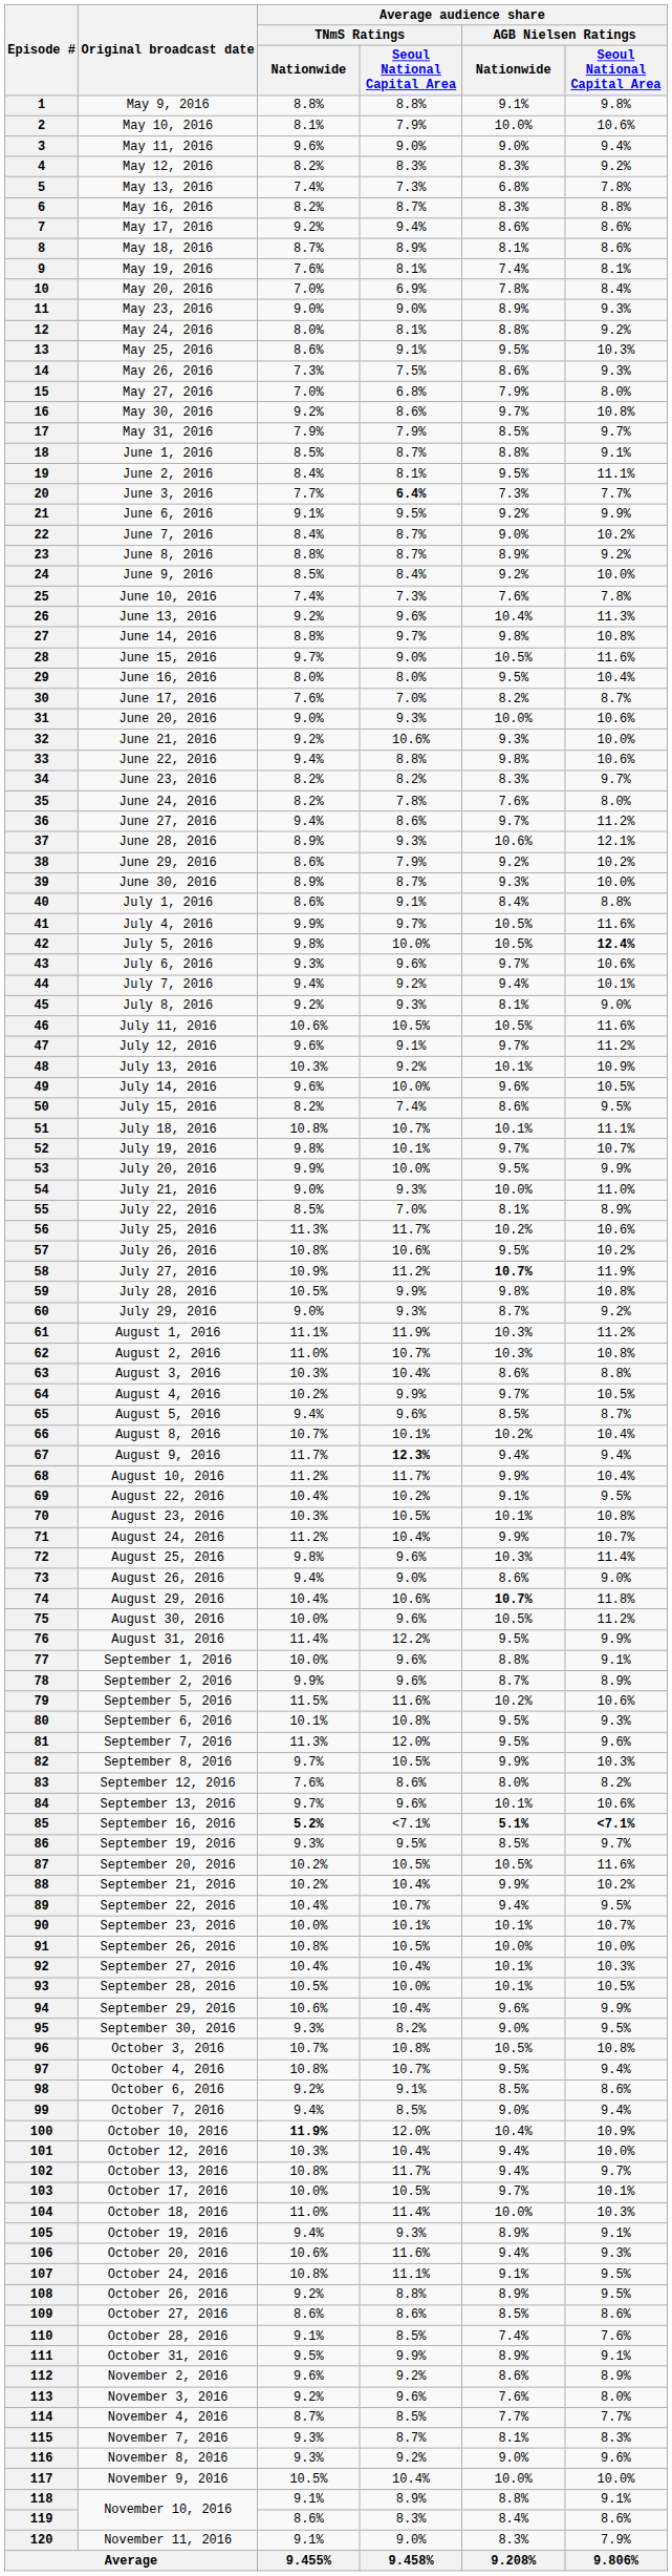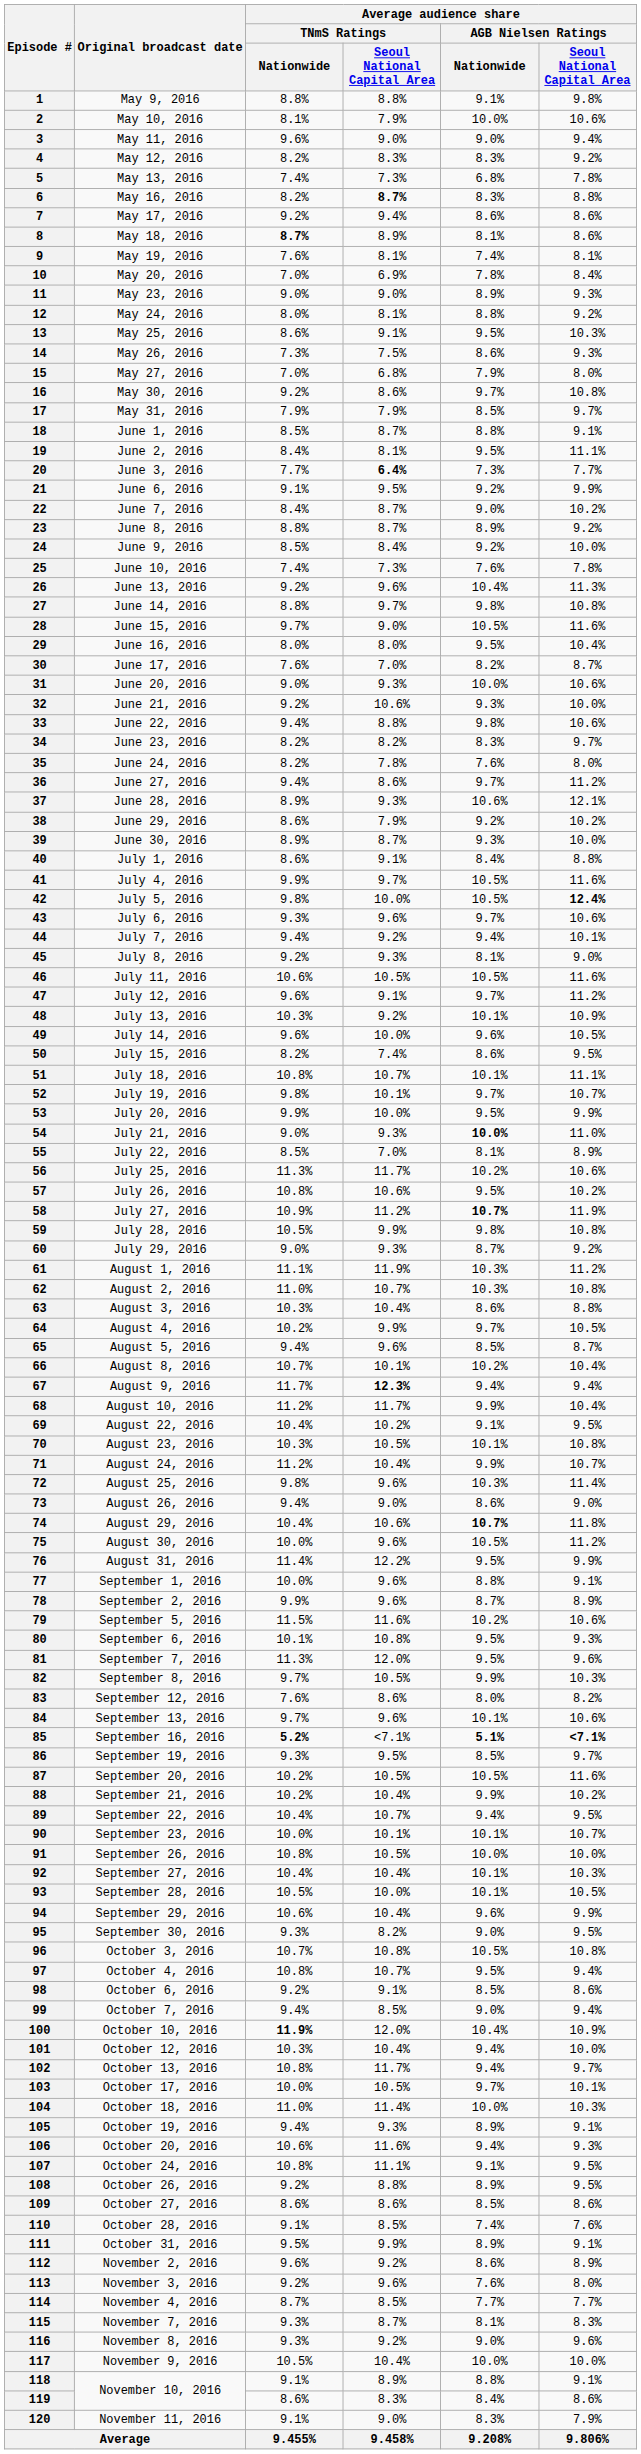 <table class=wikitable style="text-align:center;">
 <tr>
 <th rowspan="3">Episode #</th>
 <th rowspan="3">Original broadcast date</th>
 <th colspan="4">Average audience share</th>
 </tr>
 <tr>
 <th colspan="2">TNmS Ratings</th>
 <th colspan="2">AGB Nielsen Ratings</th>
 </tr>
 <tr>
 <th width=100>Nationwide</th>
 <th width=100><a href='#'>Seoul National Capital Area</a></th>
 <th width=100>Nationwide</th>
 <th width=100><a href='#'>Seoul National Capital Area</a></th>
 </tr>
 <tr>
 <th>1</th>
 <td>May 9, 2016</td>
 <td>8.8%</td>
 <td>8.8%</td>
 <td>9.1%</td>
 <td>9.8%</td>
 </tr>
 <tr>
 <th>2</th>
 <td>May 10, 2016</td>
 <td>8.1%</td>
 <td>7.9%</td>
 <td>10.0%</td>
 <td>10.6%</td>
 </tr>
 <tr>
 <th>3</th>
 <td>May 11, 2016</td>
 <td>9.6%</td>
 <td>9.0%</td>
 <td>9.0%</td>
 <td>9.4%</td>
 </tr>
 <tr>
 <th>4</th>
 <td>May 12, 2016</td>
 <td>8.2%</td>
 <td>8.3%</td>
 <td>8.3%</td>
 <td>9.2%</td>
 </tr>
 <tr>
 <th>5</th>
 <td>May 13, 2016</td>
 <td>7.4%</td>
 <td>7.3%</td>
 <td>6.8%</td>
 <td>7.8%</td>
 </tr>
 <tr>
 <th>6</th>
 <td>May 16, 2016</td>
 <td>8.2%</td>
-<td>8.7%</td>
+<td><strong>8.7%</strong></td>
 <td>8.3%</td>
 <td>8.8%</td>
 </tr>
 <tr>
 <th>7</th>
 <td>May 17, 2016</td>
 <td>9.2%</td>
 <td>9.4%</td>
 <td>8.6%</td>
 <td>8.6%</td>
 </tr>
 <tr>
 <th>8</th>
 <td>May 18, 2016</td>
-<td>8.7%</td>
+<td><strong>8.7%</strong></td>
 <td>8.9%</td>
 <td>8.1%</td>
 <td>8.6%</td>
 </tr>
 <tr>
 <th>9</th>
 <td>May 19, 2016</td>
 <td>7.6%</td>
 <td>8.1%</td>
 <td>7.4%</td>
 <td>8.1%</td>
 </tr>
 <tr>
 <th>10</th>
 <td>May 20, 2016</td>
 <td>7.0%</td>
 <td>6.9%</td>
 <td>7.8%</td>
 <td>8.4%</td>
 </tr>
 <tr>
 <th>11</th>
 <td>May 23, 2016</td>
 <td>9.0%</td>
 <td>9.0%</td>
 <td>8.9%</td>
 <td>9.3%</td>
 </tr>
 <tr>
 <th>12</th>
 <td>May 24, 2016</td>
 <td>8.0%</td>
 <td>8.1%</td>
 <td>8.8%</td>
 <td>9.2%</td>
 </tr>
 <tr>
 <th>13</th>
 <td>May 25, 2016</td>
 <td>8.6%</td>
 <td>9.1%</td>
 <td>9.5%</td>
 <td>10.3%</td>
 </tr>
 <tr>
 <th>14</th>
 <td>May 26, 2016</td>
 <td>7.3%</td>
 <td>7.5%</td>
 <td>8.6%</td>
 <td>9.3%</td>
 </tr>
 <tr>
 <th>15</th>
 <td>May 27, 2016</td>
 <td>7.0%</td>
 <td>6.8%</td>
 <td>7.9%</td>
 <td>8.0%</td>
 </tr>
 <tr>
 <th>16</th>
 <td>May 30, 2016</td>
 <td>9.2%</td>
 <td>8.6%</td>
 <td>9.7%</td>
 <td>10.8%</td>
 </tr>
 <tr>
 <th>17</th>
 <td>May 31, 2016</td>
 <td>7.9%</td>
 <td>7.9%</td>
 <td>8.5%</td>
 <td>9.7%</td>
 </tr>
 <tr>
 <th>18</th>
 <td>June 1, 2016</td>
 <td>8.5%</td>
 <td>8.7%</td>
 <td>8.8%</td>
 <td>9.1%</td>
 </tr>
 <tr>
 <th>19</th>
 <td>June 2, 2016</td>
 <td>8.4%</td>
 <td>8.1%</td>
 <td>9.5%</td>
 <td>11.1%</td>
 </tr>
 <tr>
 <th>20</th>
 <td>June 3, 2016</td>
 <td>7.7%</td>
 <td><span><strong>6.4%</strong></span></td>
 <td>7.3%</td>
 <td>7.7%</td>
 </tr>
 <tr>
 <th>21</th>
 <td>June 6, 2016</td>
 <td>9.1%</td>
 <td>9.5%</td>
 <td>9.2%</td>
 <td>9.9%</td>
 </tr>
 <tr>
 <th>22</th>
 <td>June 7, 2016</td>
 <td>8.4%</td>
 <td>8.7%</td>
 <td>9.0%</td>
 <td>10.2%</td>
 </tr>
 <tr>
 <th>23</th>
 <td>June 8, 2016</td>
 <td>8.8%</td>
 <td>8.7%</td>
 <td>8.9%</td>
 <td>9.2%</td>
 </tr>
 <tr>
 <th>24</th>
 <td>June 9, 2016</td>
 <td>8.5%</td>
 <td>8.4%</td>
 <td>9.2%</td>
 <td>10.0%</td>
 </tr>
 <tr>
 <th>25</th>
 <td>June 10, 2016</td>
 <td>7.4%</td>
 <td>7.3%</td>
 <td>7.6%</td>
 <td>7.8%</td>
 </tr>
 <tr>
 <th>26</th>
 <td>June 13, 2016</td>
 <td>9.2%</td>
 <td>9.6%</td>
 <td>10.4%</td>
 <td>11.3%</td>
 </tr>
 <tr>
 <th>27</th>
 <td>June 14, 2016</td>
 <td>8.8%</td>
 <td>9.7%</td>
 <td>9.8%</td>
 <td>10.8%</td>
 </tr>
 <tr>
 <th>28</th>
 <td>June 15, 2016</td>
 <td>9.7%</td>
 <td>9.0%</td>
 <td>10.5%</td>
 <td>11.6%</td>
 </tr>
 <tr>
 <th>29</th>
 <td>June 16, 2016</td>
 <td>8.0%</td>
 <td>8.0%</td>
 <td>9.5%</td>
 <td>10.4%</td>
 </tr>
 <tr>
 <th>30</th>
 <td>June 17, 2016</td>
 <td>7.6%</td>
 <td>7.0%</td>
 <td>8.2%</td>
 <td>8.7%</td>
 </tr>
 <tr>
 <th>31</th>
 <td>June 20, 2016</td>
 <td>9.0%</td>
 <td>9.3%</td>
 <td>10.0%</td>
 <td>10.6%</td>
 </tr>
 <tr>
 <th>32</th>
 <td>June 21, 2016</td>
 <td>9.2%</td>
 <td>10.6%</td>
 <td>9.3%</td>
 <td>10.0%</td>
 </tr>
 <tr>
 <th>33</th>
 <td>June 22, 2016</td>
 <td>9.4%</td>
 <td>8.8%</td>
 <td>9.8%</td>
 <td>10.6%</td>
 </tr>
 <tr>
 <th>34</th>
 <td>June 23, 2016</td>
 <td>8.2%</td>
 <td>8.2%</td>
 <td>8.3%</td>
 <td>9.7%</td>
 </tr>
 <tr>
 <th>35</th>
 <td>June 24, 2016</td>
 <td>8.2%</td>
 <td>7.8%</td>
 <td>7.6%</td>
 <td>8.0%</td>
 </tr>
 <tr>
 <th>36</th>
 <td>June 27, 2016</td>
 <td>9.4%</td>
 <td>8.6%</td>
 <td>9.7%</td>
 <td>11.2%</td>
 </tr>
 <tr>
 <th>37</th>
 <td>June 28, 2016</td>
 <td>8.9%</td>
 <td>9.3%</td>
 <td>10.6%</td>
 <td>12.1%</td>
 </tr>
 <tr>
 <th>38</th>
 <td>June 29, 2016</td>
 <td>8.6%</td>
 <td>7.9%</td>
 <td>9.2%</td>
 <td>10.2%</td>
 </tr>
 <tr>
 <th>39</th>
 <td>June 30, 2016</td>
 <td>8.9%</td>
 <td>8.7%</td>
 <td>9.3%</td>
 <td>10.0%</td>
 </tr>
 <tr>
 <th>40</th>
 <td>July 1, 2016</td>
 <td>8.6%</td>
 <td>9.1%</td>
 <td>8.4%</td>
 <td>8.8%</td>
 </tr>
 <tr>
 <th>41</th>
 <td>July 4, 2016</td>
 <td>9.9%</td>
 <td>9.7%</td>
 <td>10.5%</td>
 <td>11.6%</td>
 </tr>
 <tr>
 <th>42</th>
 <td>July 5, 2016</td>
 <td>9.8%</td>
 <td>10.0%</td>
 <td>10.5%</td>
 <td><span><strong>12.4%</strong></span></td>
 </tr>
 <tr>
 <th>43</th>
 <td>July 6, 2016</td>
 <td>9.3%</td>
 <td>9.6%</td>
 <td>9.7%</td>
 <td>10.6%</td>
 </tr>
 <tr>
 <th>44</th>
 <td>July 7, 2016</td>
 <td>9.4%</td>
 <td>9.2%</td>
 <td>9.4%</td>
 <td>10.1%</td>
 </tr>
 <tr>
 <th>45</th>
 <td>July 8, 2016</td>
 <td>9.2%</td>
 <td>9.3%</td>
 <td>8.1%</td>
 <td>9.0%</td>
 </tr>
 <tr>
 <th>46</th>
 <td>July 11, 2016</td>
 <td>10.6%</td>
 <td>10.5%</td>
 <td>10.5%</td>
 <td>11.6%</td>
 </tr>
 <tr>
 <th>47</th>
 <td>July 12, 2016</td>
 <td>9.6%</td>
 <td>9.1%</td>
 <td>9.7%</td>
 <td>11.2%</td>
 </tr>
 <tr>
 <th>48</th>
 <td>July 13, 2016</td>
 <td>10.3%</td>
 <td>9.2%</td>
 <td>10.1%</td>
 <td>10.9%</td>
 </tr>
 <tr>
 <th>49</th>
 <td>July 14, 2016</td>
 <td>9.6%</td>
 <td>10.0%</td>
 <td>9.6%</td>
 <td>10.5%</td>
 </tr>
 <tr>
 <th>50</th>
 <td>July 15, 2016</td>
 <td>8.2%</td>
 <td>7.4%</td>
 <td>8.6%</td>
 <td>9.5%</td>
 </tr>
 <tr>
 <th>51</th>
 <td>July 18, 2016</td>
 <td>10.8%</td>
 <td>10.7%</td>
 <td>10.1%</td>
 <td>11.1%</td>
 </tr>
 <tr>
 <th>52</th>
 <td>July 19, 2016</td>
 <td>9.8%</td>
 <td>10.1%</td>
 <td>9.7%</td>
 <td>10.7%</td>
 </tr>
 <tr>
 <th>53</th>
 <td>July 20, 2016</td>
 <td>9.9%</td>
 <td>10.0%</td>
 <td>9.5%</td>
 <td>9.9%</td>
 </tr>
 <tr>
 <th>54</th>
 <td>July 21, 2016</td>
 <td>9.0%</td>
 <td>9.3%</td>
-<td>10.0%</td>
+<td><strong>10.0%</strong></td>
 <td>11.0%</td>
 </tr>
 <tr>
 <th>55</th>
 <td>July 22, 2016</td>
 <td>8.5%</td>
 <td>7.0%</td>
 <td>8.1%</td>
 <td>8.9%</td>
 </tr>
 <tr>
 <th>56</th>
 <td>July 25, 2016</td>
 <td>11.3%</td>
 <td>11.7%</td>
 <td>10.2%</td>
 <td>10.6%</td>
 </tr>
 <tr>
 <th>57</th>
 <td>July 26, 2016</td>
 <td>10.8%</td>
 <td>10.6%</td>
 <td>9.5%</td>
 <td>10.2%</td>
 </tr>
 <tr>
 <th>58</th>
 <td>July 27, 2016</td>
 <td>10.9%</td>
 <td>11.2%</td>
 <td><span><strong>10.7%</strong></span></td>
 <td>11.9%</td>
 </tr>
 <tr>
 <th>59</th>
 <td>July 28, 2016</td>
 <td>10.5%</td>
 <td>9.9%</td>
 <td>9.8%</td>
 <td>10.8%</td>
 </tr>
 <tr>
 <th>60</th>
 <td>July 29, 2016</td>
 <td>9.0%</td>
 <td>9.3%</td>
 <td>8.7%</td>
 <td>9.2%</td>
 </tr>
 <tr>
 <th>61</th>
 <td>August 1, 2016</td>
 <td>11.1%</td>
 <td>11.9%</td>
 <td>10.3%</td>
 <td>11.2%</td>
 </tr>
 <tr>
 <th>62</th>
 <td>August 2, 2016</td>
 <td>11.0%</td>
 <td>10.7%</td>
 <td>10.3%</td>
 <td>10.8%</td>
 </tr>
 <tr>
 <th>63</th>
 <td>August 3, 2016</td>
 <td>10.3%</td>
 <td>10.4%</td>
 <td>8.6%</td>
 <td>8.8%</td>
 </tr>
 <tr>
 <th>64</th>
 <td>August 4, 2016</td>
 <td>10.2%</td>
 <td>9.9%</td>
 <td>9.7%</td>
 <td>10.5%</td>
 </tr>
 <tr>
 <th>65</th>
 <td>August 5, 2016</td>
 <td>9.4%</td>
 <td>9.6%</td>
 <td>8.5%</td>
 <td>8.7%</td>
 </tr>
 <tr>
 <th>66</th>
 <td>August 8, 2016</td>
 <td>10.7%</td>
 <td>10.1%</td>
 <td>10.2%</td>
 <td>10.4%</td>
 </tr>
 <tr>
 <th>67</th>
 <td>August 9, 2016</td>
 <td>11.7%</td>
 <td><span><strong>12.3%</strong></span></td>
 <td>9.4%</td>
 <td>9.4%</td>
 </tr>
 <tr>
 <th>68</th>
 <td>August 10, 2016</td>
 <td>11.2%</td>
 <td>11.7%</td>
 <td>9.9%</td>
 <td>10.4%</td>
 </tr>
 <tr>
 <th>69</th>
 <td>August 22, 2016</td>
 <td>10.4%</td>
 <td>10.2%</td>
 <td>9.1%</td>
 <td>9.5%</td>
 </tr>
 <tr>
 <th>70</th>
 <td>August 23, 2016</td>
 <td>10.3%</td>
 <td>10.5%</td>
 <td>10.1%</td>
 <td>10.8%</td>
 </tr>
 <tr>
 <th>71</th>
 <td>August 24, 2016</td>
 <td>11.2%</td>
 <td>10.4%</td>
 <td>9.9%</td>
 <td>10.7%</td>
 </tr>
 <tr>
 <th>72</th>
 <td>August 25, 2016</td>
 <td>9.8%</td>
 <td>9.6%</td>
 <td>10.3%</td>
 <td>11.4%</td>
 </tr>
 <tr>
 <th>73</th>
 <td>August 26, 2016</td>
 <td>9.4%</td>
 <td>9.0%</td>
 <td>8.6%</td>
 <td>9.0%</td>
 </tr>
 <tr>
 <th>74</th>
 <td>August 29, 2016</td>
 <td>10.4%</td>
 <td>10.6%</td>
 <td><span><strong>10.7%</strong></span></td>
 <td>11.8%</td>
 </tr>
 <tr>
 <th>75</th>
 <td>August 30, 2016</td>
 <td>10.0%</td>
 <td>9.6%</td>
 <td>10.5%</td>
 <td>11.2%</td>
 </tr>
 <tr>
 <th>76</th>
 <td>August 31, 2016</td>
 <td>11.4%</td>
 <td>12.2%</td>
 <td>9.5%</td>
 <td>9.9%</td>
 </tr>
 <tr>
 <th>77</th>
 <td>September 1, 2016</td>
 <td>10.0%</td>
 <td>9.6%</td>
 <td>8.8%</td>
 <td>9.1%</td>
 </tr>
 <tr>
 <th>78</th>
 <td>September 2, 2016</td>
 <td>9.9%</td>
 <td>9.6%</td>
 <td>8.7%</td>
 <td>8.9%</td>
 </tr>
 <tr>
 <th>79</th>
 <td>September 5, 2016</td>
 <td>11.5%</td>
 <td>11.6%</td>
 <td>10.2%</td>
 <td>10.6%</td>
 </tr>
 <tr>
 <th>80</th>
 <td>September 6, 2016</td>
 <td>10.1%</td>
 <td>10.8%</td>
 <td>9.5%</td>
 <td>9.3%</td>
 </tr>
 <tr>
 <th>81</th>
 <td>September 7, 2016</td>
 <td>11.3%</td>
 <td>12.0%</td>
 <td>9.5%</td>
 <td>9.6%</td>
 </tr>
 <tr>
 <th>82</th>
 <td>September 8, 2016</td>
 <td>9.7%</td>
 <td>10.5%</td>
 <td>9.9%</td>
 <td>10.3%</td>
 </tr>
 <tr>
 <th>83</th>
 <td>September 12, 2016</td>
 <td>7.6%</td>
 <td>8.6%</td>
 <td>8.0%</td>
 <td>8.2%</td>
 </tr>
 <tr>
 <th>84</th>
 <td>September 13, 2016</td>
 <td>9.7%</td>
 <td>9.6%</td>
 <td>10.1%</td>
 <td>10.6%</td>
 </tr>
 <tr>
 <th>85</th>
 <td>September 16, 2016</td>
 <td><span><strong>5.2%</strong></span></td>
 <td><7.1%</td>
 <td><span><strong>5.1%</strong></span></td>
 <td><span><strong><7.1%</strong></span></td>
 </tr>
 <tr>
 <th>86</th>
 <td>September 19, 2016</td>
 <td>9.3%</td>
 <td>9.5%</td>
 <td>8.5%</td>
 <td>9.7%</td>
 </tr>
 <tr>
 <th>87</th>
 <td>September 20, 2016</td>
 <td>10.2%</td>
 <td>10.5%</td>
 <td>10.5%</td>
 <td>11.6%</td>
 </tr>
 <tr>
 <th>88</th>
 <td>September 21, 2016</td>
 <td>10.2%</td>
 <td>10.4%</td>
 <td>9.9%</td>
 <td>10.2%</td>
 </tr>
 <tr>
 <th>89</th>
 <td>September 22, 2016</td>
 <td>10.4%</td>
 <td>10.7%</td>
 <td>9.4%</td>
 <td>9.5%</td>
 </tr>
 <tr>
 <th>90</th>
 <td>September 23, 2016</td>
 <td>10.0%</td>
 <td>10.1%</td>
 <td>10.1%</td>
 <td>10.7%</td>
 </tr>
 <tr>
 <th>91</th>
 <td>September 26, 2016</td>
 <td>10.8%</td>
 <td>10.5%</td>
 <td>10.0%</td>
 <td>10.0%</td>
 </tr>
 <tr>
 <th>92</th>
 <td>September 27, 2016</td>
 <td>10.4%</td>
 <td>10.4%</td>
 <td>10.1%</td>
 <td>10.3%</td>
 </tr>
 <tr>
 <th>93</th>
 <td>September 28, 2016</td>
 <td>10.5%</td>
 <td>10.0%</td>
 <td>10.1%</td>
 <td>10.5%</td>
 </tr>
 <tr>
 <th>94</th>
 <td>September 29, 2016</td>
 <td>10.6%</td>
 <td>10.4%</td>
 <td>9.6%</td>
 <td>9.9%</td>
 </tr>
 <tr>
 <th>95</th>
 <td>September 30, 2016</td>
 <td>9.3%</td>
 <td>8.2%</td>
 <td>9.0%</td>
 <td>9.5%</td>
 </tr>
 <tr>
 <th>96</th>
 <td>October 3, 2016</td>
 <td>10.7%</td>
 <td>10.8%</td>
 <td>10.5%</td>
 <td>10.8%</td>
 </tr>
 <tr>
 <th>97</th>
 <td>October 4, 2016</td>
 <td>10.8%</td>
 <td>10.7%</td>
 <td>9.5%</td>
 <td>9.4%</td>
 </tr>
 <tr>
 <th>98</th>
 <td>October 6, 2016</td>
 <td>9.2%</td>
 <td>9.1%</td>
 <td>8.5%</td>
 <td>8.6%</td>
 </tr>
 <tr>
 <th>99</th>
 <td>October 7, 2016</td>
 <td>9.4%</td>
 <td>8.5%</td>
 <td>9.0%</td>
 <td>9.4%</td>
 </tr>
 <tr>
 <th>100</th>
 <td>October 10, 2016</td>
 <td><span><strong>11.9%</strong></span></td>
 <td>12.0%</td>
 <td>10.4%</td>
 <td>10.9%</td>
 </tr>
 <tr>
 <th>101</th>
 <td>October 12, 2016</td>
 <td>10.3%</td>
 <td>10.4%</td>
 <td>9.4%</td>
 <td>10.0%</td>
 </tr>
 <tr>
 <th>102</th>
 <td>October 13, 2016</td>
 <td>10.8%</td>
 <td>11.7%</td>
 <td>9.4%</td>
 <td>9.7%</td>
 </tr>
 <tr>
 <th>103</th>
 <td>October 17, 2016</td>
 <td>10.0%</td>
 <td>10.5%</td>
 <td>9.7%</td>
 <td>10.1%</td>
 </tr>
 <tr>
 <th>104</th>
 <td>October 18, 2016</td>
 <td>11.0%</td>
 <td>11.4%</td>
 <td>10.0%</td>
 <td>10.3%</td>
 </tr>
 <tr>
 <th>105</th>
 <td>October 19, 2016</td>
 <td>9.4%</td>
 <td>9.3%</td>
 <td>8.9%</td>
 <td>9.1%</td>
 </tr>
 <tr>
 <th>106</th>
 <td>October 20, 2016</td>
 <td>10.6%</td>
 <td>11.6%</td>
 <td>9.4%</td>
 <td>9.3%</td>
 </tr>
 <tr>
 <th>107</th>
 <td>October 24, 2016</td>
 <td>10.8%</td>
 <td>11.1%</td>
 <td>9.1%</td>
 <td>9.5%</td>
 </tr>
 <tr>
 <th>108</th>
 <td>October 26, 2016</td>
 <td>9.2%</td>
 <td>8.8%</td>
 <td>8.9%</td>
 <td>9.5%</td>
 </tr>
 <tr>
 <th>109</th>
 <td>October 27, 2016</td>
 <td>8.6%</td>
 <td>8.6%</td>
 <td>8.5%</td>
 <td>8.6%</td>
 </tr>
 <tr>
 <th>110</th>
 <td>October 28, 2016</td>
 <td>9.1%</td>
 <td>8.5%</td>
 <td>7.4%</td>
 <td>7.6%</td>
 </tr>
 <tr>
 <th>111</th>
 <td>October 31, 2016</td>
 <td>9.5%</td>
 <td>9.9%</td>
 <td>8.9%</td>
 <td>9.1%</td>
 </tr>
 <tr>
 <th>112</th>
 <td>November 2, 2016</td>
 <td>9.6%</td>
 <td>9.2%</td>
 <td>8.6%</td>
 <td>8.9%</td>
 </tr>
 <tr>
 <th>113</th>
 <td>November 3, 2016</td>
 <td>9.2%</td>
 <td>9.6%</td>
 <td>7.6%</td>
 <td>8.0%</td>
 </tr>
 <tr>
 <th>114</th>
 <td>November 4, 2016</td>
 <td>8.7%</td>
 <td>8.5%</td>
 <td>7.7%</td>
 <td>7.7%</td>
 </tr>
 <tr>
 <th>115</th>
 <td>November 7, 2016</td>
 <td>9.3%</td>
 <td>8.7%</td>
 <td>8.1%</td>
 <td>8.3%</td>
 </tr>
 <tr>
 <th>116</th>
 <td>November 8, 2016</td>
 <td>9.3%</td>
 <td>9.2%</td>
 <td>9.0%</td>
 <td>9.6%</td>
 </tr>
 <tr>
 <th>117</th>
 <td>November 9, 2016</td>
 <td>10.5%</td>
 <td>10.4%</td>
 <td>10.0%</td>
 <td>10.0%</td>
 </tr>
 <tr>
 <th>118</th>
 <td rowspan=2>November 10, 2016</td>
 <td>9.1%</td>
 <td>8.9%</td>
 <td>8.8%</td>
 <td>9.1%</td>
 </tr>
 <tr>
 <th>119</th>
 <td>8.6%</td>
 <td>8.3%</td>
 <td>8.4%</td>
 <td>8.6%</td>
 </tr>
 <tr>
 <th>120</th>
 <td>November 11, 2016</td>
 <td>9.1%</td>
 <td>9.0%</td>
 <td>8.3%</td>
 <td>7.9%</td>
 </tr>
 <tr>
 <th colspan=2>Average</th>
 <th>9.455%</th>
 <th>9.458%</th>
 <th>9.208%</th>
 <th>9.806%</th>
 </tr>
 </table>
